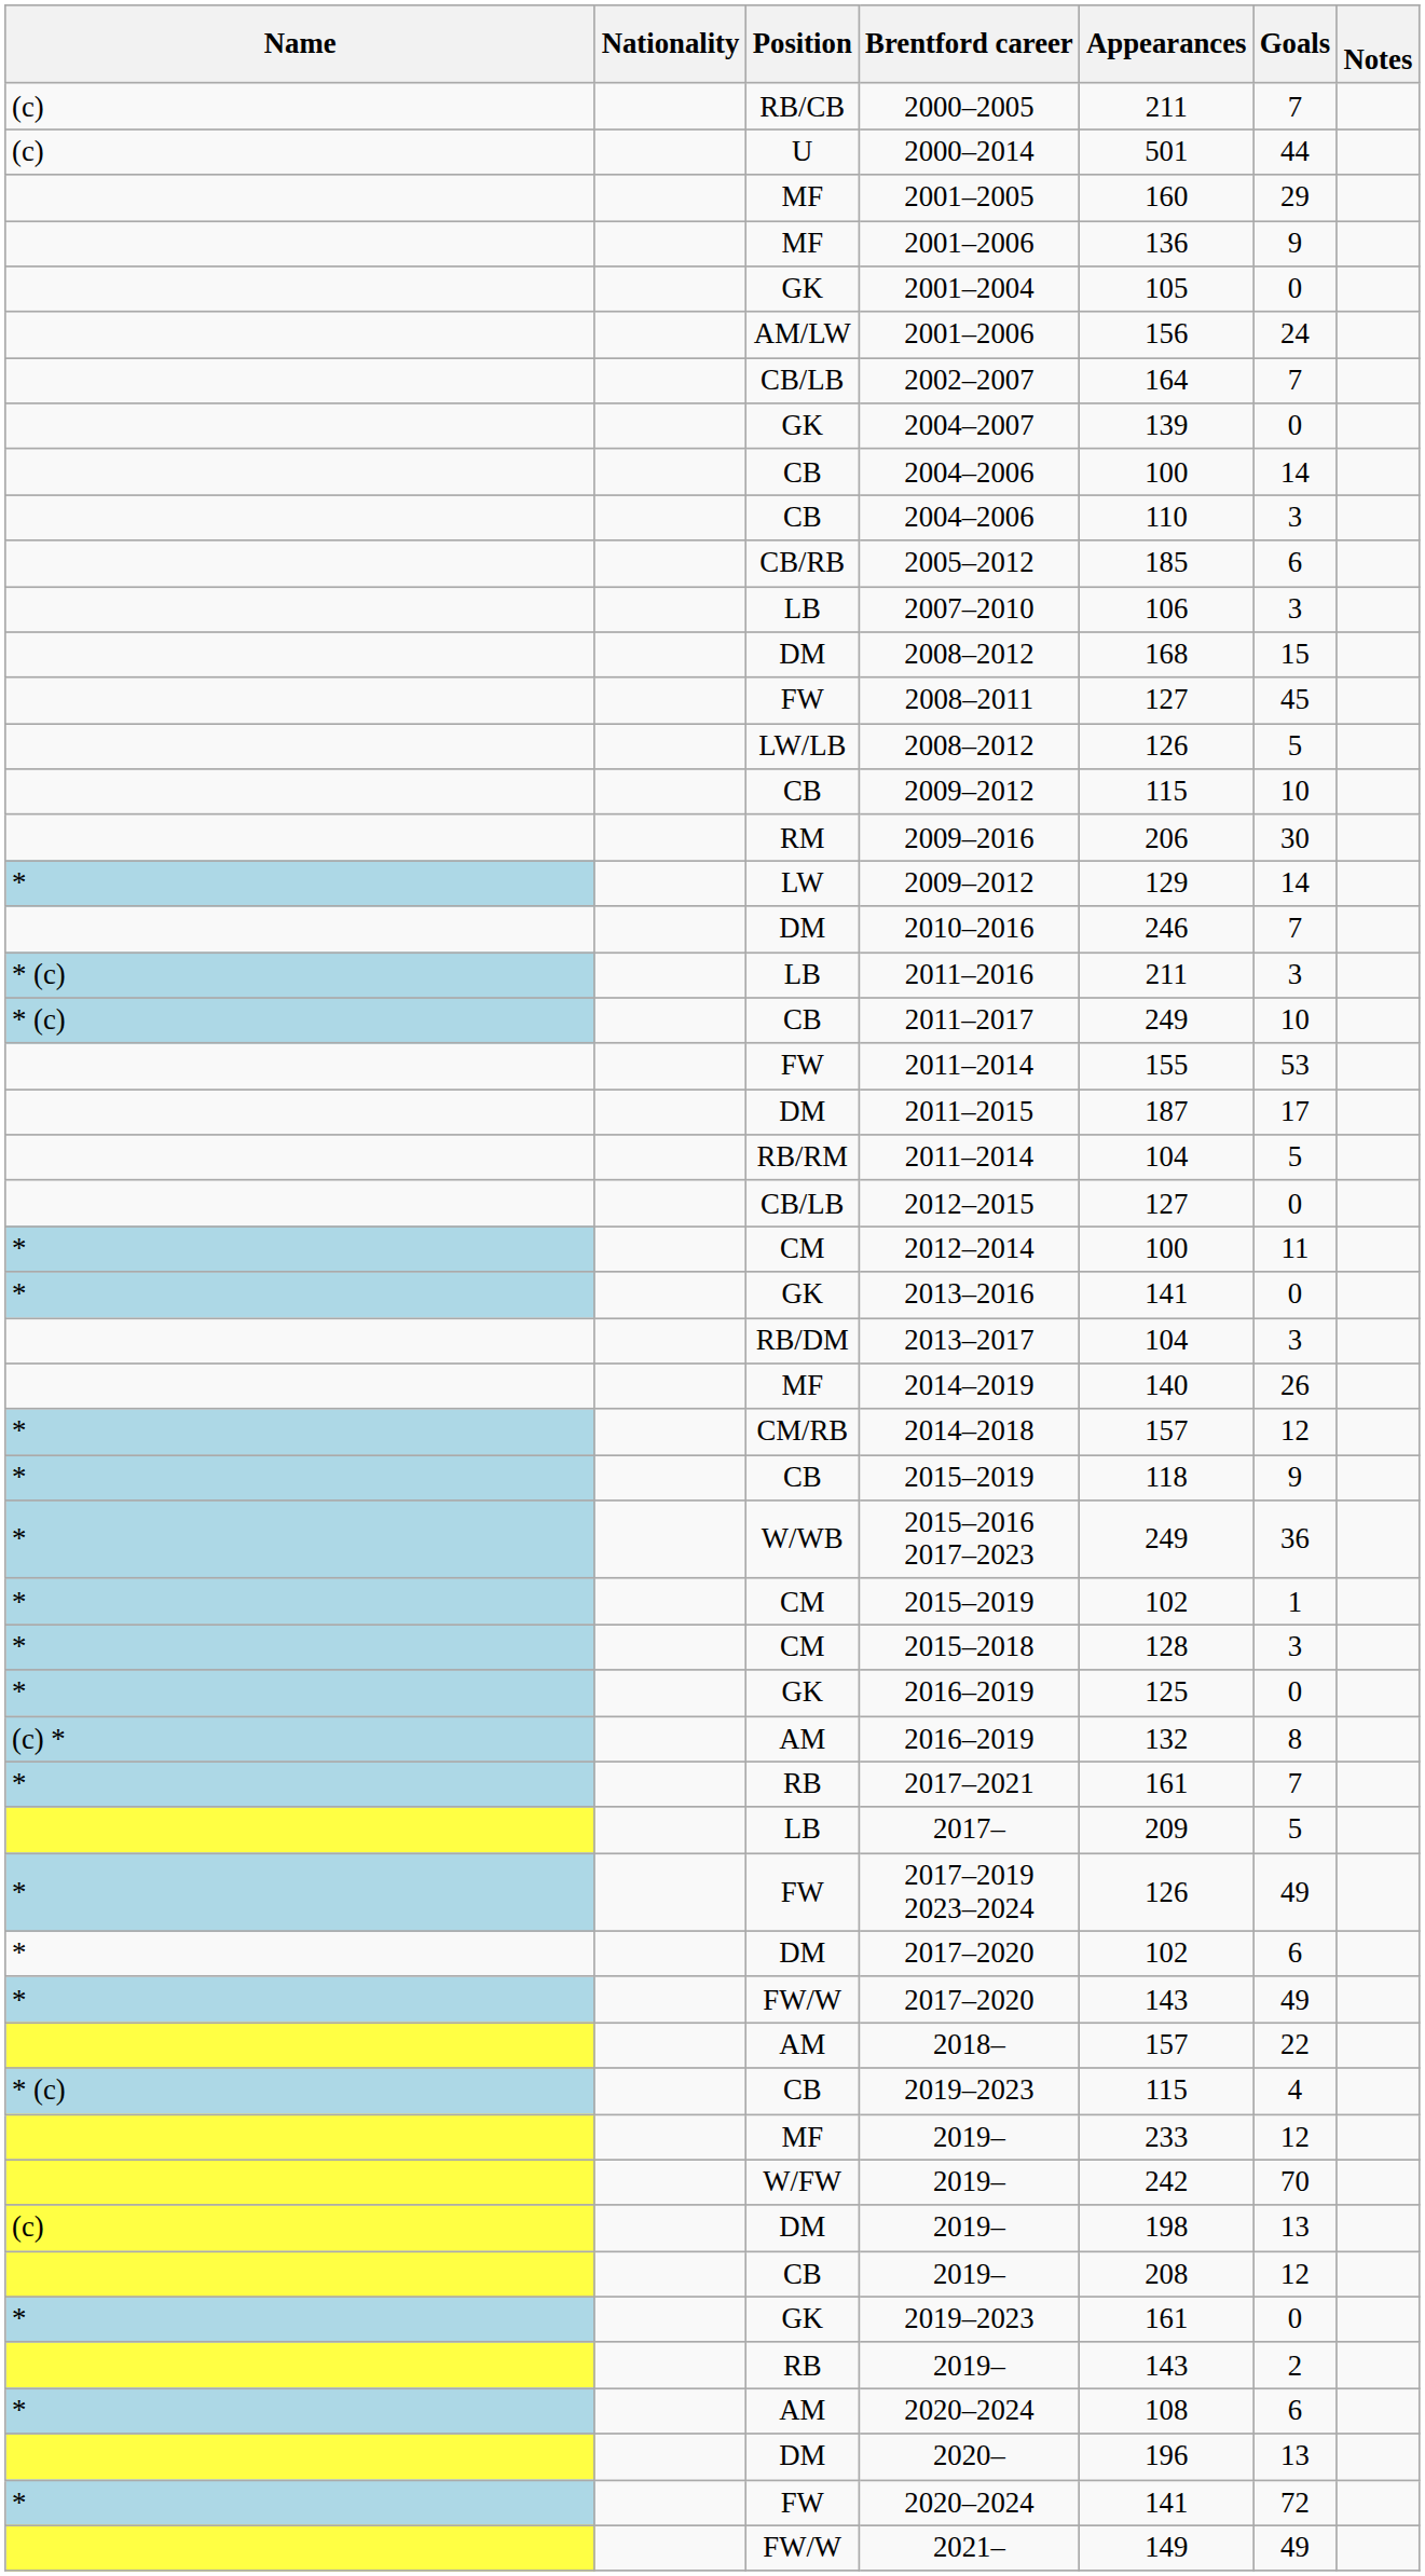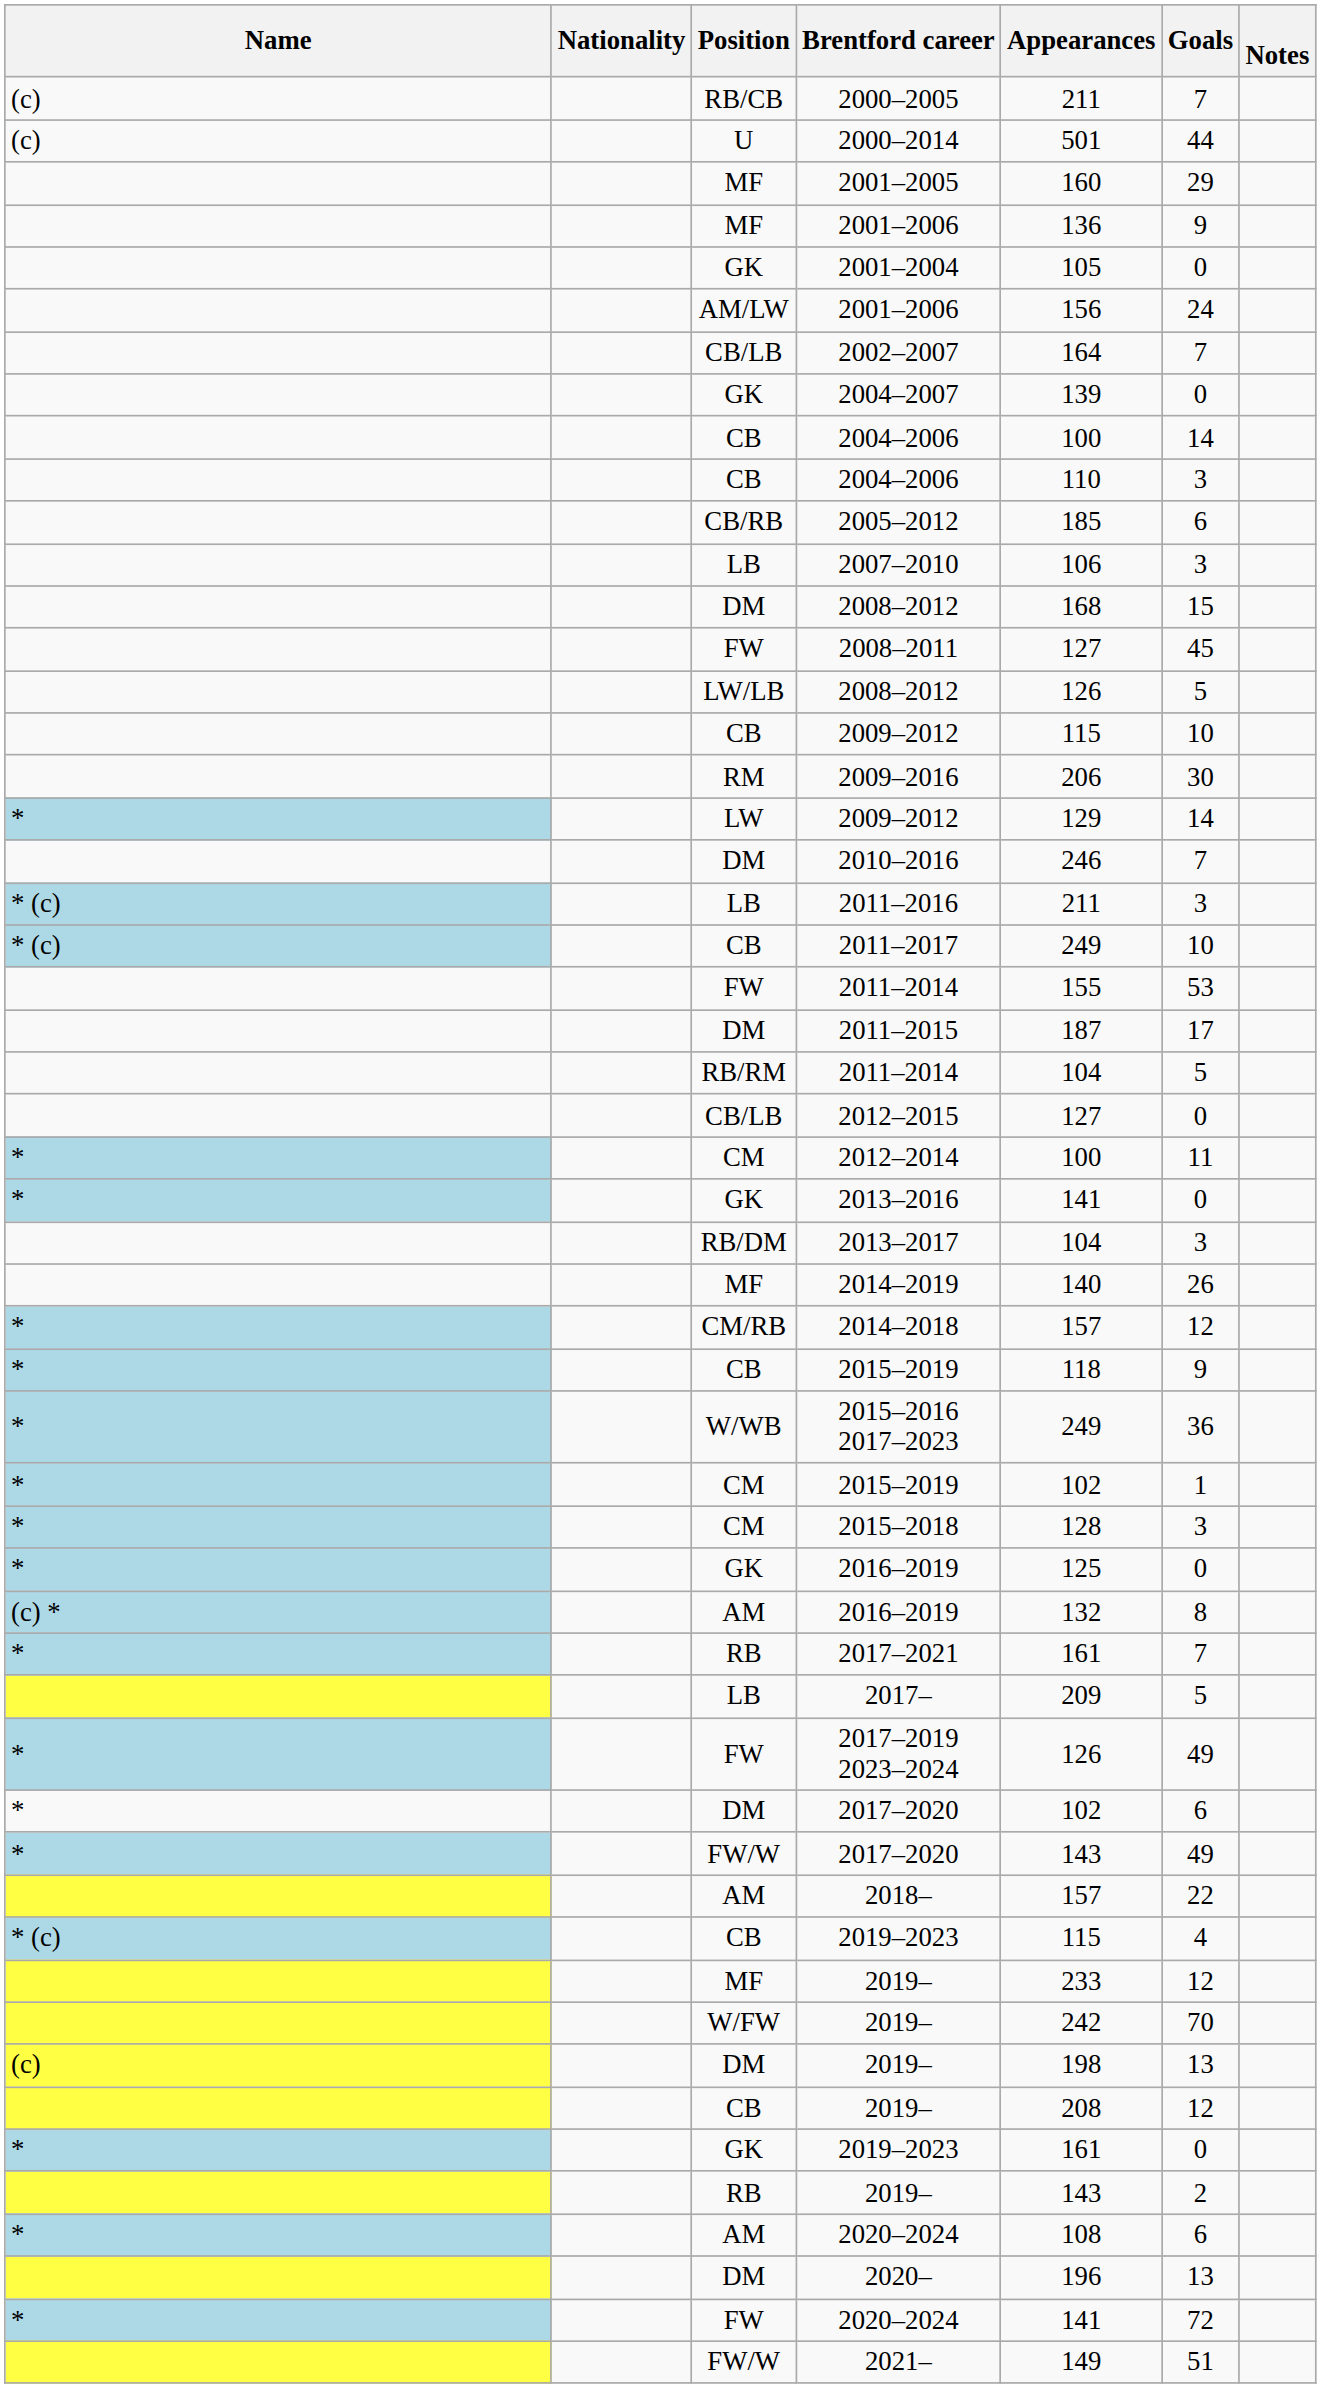 <table class="wikitable sortable" style="text-align: center;">
 <tr>
 <th style="width:20em">Name</th>
 <th>Nationality</th>
 <th>Position</th>
 <th>Brentford career</th>
 <th>Appearances</th>
 <th>Goals</th>
 <th><br>Notes</th>
 </tr>
 <tr>
 <td style="text-align:left;"> (c)</td>
 <td style="text-align:left;"></td>
 <td>RB/CB</td>
 <td>2000–2005</td>
 <td>211</td>
 <td>7</td>
 <td></td>
 </tr>
 <tr>
 <td style="text-align:left;"> (c)</td>
 <td style="text-align:left;"></td>
 <td>U</td>
 <td>2000–2014</td>
 <td>501</td>
 <td>44</td>
 <td><br></td>
 </tr>
 <tr>
 <td style="text-align:left;"></td>
 <td style="text-align:left;"></td>
 <td>MF</td>
 <td>2001–2005</td>
 <td>160</td>
 <td>29</td>
 <td></td>
 </tr>
 <tr>
 <td style="text-align:left;"></td>
 <td style="text-align:left;"></td>
 <td>MF</td>
 <td>2001–2006</td>
 <td>136</td>
 <td>9</td>
 <td></td>
 </tr>
 <tr>
 <td style="text-align:left;"></td>
 <td style="text-align:left;"></td>
 <td>GK</td>
 <td>2001–2004</td>
 <td>105</td>
 <td>0</td>
 <td></td>
 </tr>
 <tr>
 <td style="text-align:left;"></td>
 <td style="text-align:left;"></td>
 <td>AM/LW</td>
 <td>2001–2006</td>
 <td>156</td>
 <td>24</td>
 <td></td>
 </tr>
 <tr>
 <td style="text-align:left;"></td>
 <td style="text-align:left;"></td>
 <td>CB/LB</td>
 <td>2002–2007</td>
 <td>164</td>
 <td>7</td>
 <td></td>
 </tr>
 <tr>
 <td style="text-align:left;"></td>
 <td style="text-align:left;"></td>
 <td>GK</td>
 <td>2004–2007</td>
 <td>139</td>
 <td>0</td>
 <td></td>
 </tr>
 <tr>
 <td style="text-align:left;"><strong></strong></td>
 <td style="text-align:left;"></td>
 <td>CB</td>
 <td>2004–2006</td>
 <td>100</td>
 <td>14</td>
 <td></td>
 </tr>
 <tr>
 <td style="text-align:left;"></td>
 <td style="text-align:left;"></td>
 <td>CB</td>
 <td>2004–2006</td>
 <td>110</td>
 <td>3</td>
 <td></td>
 </tr>
 <tr>
 <td style="text-align:left;"></td>
 <td align="left"></td>
 <td>CB/RB</td>
 <td>2005–2012</td>
 <td>185</td>
 <td>6</td>
 <td></td>
 </tr>
 <tr>
 <td style="text-align:left;"></td>
 <td style="text-align:left;"></td>
 <td>LB</td>
 <td>2007–2010</td>
 <td>106</td>
 <td>3</td>
 <td></td>
 </tr>
 <tr>
 <td style="text-align:left;"><strong></strong></td>
 <td style="text-align:left;"></td>
 <td>DM</td>
 <td>2008–2012</td>
 <td>168</td>
 <td>15</td>
 <td></td>
 </tr>
 <tr>
 <td style="text-align:left;"></td>
 <td style="text-align:left;"></td>
 <td>FW</td>
 <td>2008–2011</td>
 <td>127</td>
 <td>45</td>
 <td></td>
 </tr>
 <tr>
 <td style="text-align:left;"></td>
 <td style="text-align:left;"></td>
 <td>LW/LB</td>
 <td>2008–2012</td>
 <td>126</td>
 <td>5</td>
 <td></td>
 </tr>
 <tr>
 <td style="text-align:left;"></td>
 <td style="text-align:left;"></td>
 <td>CB</td>
 <td>2009–2012</td>
 <td>115</td>
 <td>10</td>
 <td></td>
 </tr>
 <tr>
 <td style="text-align:left;"></td>
 <td style="text-align:left;"></td>
 <td>RM</td>
 <td>2009–2016</td>
 <td>206</td>
 <td>30</td>
 <td></td>
 </tr>
 <tr>
 <td style="text-align:left; background:lightblue;"> *</td>
 <td style="text-align:left;"></td>
 <td>LW</td>
 <td>2009–2012</td>
 <td>129</td>
 <td>14</td>
 <td></td>
 </tr>
 <tr>
 <td style="text-align:left;"></td>
 <td style="text-align:left;"></td>
 <td>DM</td>
 <td>2010–2016</td>
 <td>246</td>
 <td>7</td>
 <td></td>
 </tr>
 <tr>
 <td style="text-align:left; background:lightblue;"> * (c)</td>
 <td style="text-align:left;"></td>
 <td>LB</td>
 <td>2011–2016</td>
 <td>211</td>
 <td>3</td>
 <td></td>
 </tr>
 <tr>
 <td style="text-align:left; background:lightblue;"> * (c)</td>
 <td style="text-align:left;"></td>
 <td>CB</td>
 <td>2011–2017</td>
 <td>249</td>
 <td>10</td>
 <td></td>
 </tr>
 <tr>
 <td style="text-align:left"></td>
 <td style="text-align:left;"></td>
 <td>FW</td>
 <td>2011–2014</td>
 <td>155</td>
 <td>53</td>
 <td></td>
 </tr>
 <tr>
 <td style="text-align:left;"></td>
 <td style="text-align:left;"></td>
 <td>DM</td>
 <td>2011–2015</td>
 <td>187</td>
 <td>17</td>
 <td></td>
 </tr>
 <tr>
 <td style="text-align:left"></td>
 <td align="left"></td>
 <td>RB/RM</td>
 <td>2011–2014</td>
 <td>104</td>
 <td>5</td>
 <td></td>
 </tr>
 <tr>
 <td style="text-align:left"></td>
 <td style="text-align:left;"></td>
 <td>CB/LB</td>
 <td>2012–2015</td>
 <td>127</td>
 <td>0</td>
 <td></td>
 </tr>
 <tr>
 <td style="text-align:left; background:lightblue;"> *</td>
 <td align="left"></td>
 <td>CM</td>
 <td>2012–2014</td>
 <td>100</td>
 <td>11</td>
 <td></td>
 </tr>
 <tr>
 <td style="text-align:left; background:lightblue;"> *</td>
 <td align="left"></td>
 <td>GK</td>
 <td>2013–2016</td>
 <td>141</td>
 <td>0</td>
 <td></td>
 </tr>
 <tr>
 <td style="text-align:left"></td>
 <td style="text-align:left;"></td>
 <td>RB/DM</td>
 <td>2013–2017</td>
 <td>104</td>
 <td>3</td>
 <td></td>
 </tr>
 <tr>
 <td style="text-align:left;"><strong></strong></td>
 <td align="left"></td>
 <td>MF</td>
 <td>2014–2019</td>
 <td>140</td>
 <td>26</td>
 <td></td>
 </tr>
 <tr>
 <td style="text-align:left; background:lightblue;"> *</td>
 <td style="text-align:left;"></td>
 <td>CM/RB</td>
 <td>2014–2018</td>
 <td>157</td>
 <td>12</td>
 <td></td>
 </tr>
 <tr>
 <td style="text-align:left; background:lightblue;"> *</td>
 <td style="text-align:left;"></td>
 <td>CB</td>
 <td>2015–2019</td>
 <td>118</td>
 <td>9</td>
 <td></td>
 </tr>
 <tr>
 <td style="text-align:left; background:lightblue;"> *</td>
 <td style="text-align:left;"></td>
 <td>W/WB</td>
 <td>2015–2016<br>2017–2023</td>
 <td>249</td>
 <td>36</td>
 <td></td>
 </tr>
 <tr>
 <td style="text-align:left; background:lightblue;"> *</td>
 <td style="text-align:left;"></td>
 <td>CM</td>
 <td>2015–2019</td>
 <td>102</td>
 <td>1</td>
 <td></td>
 </tr>
 <tr>
 <td style="text-align:left; background:lightblue;"> *</td>
 <td style="text-align:left;"></td>
 <td>CM</td>
 <td>2015–2018</td>
 <td>128</td>
 <td>3</td>
 <td></td>
 </tr>
 <tr>
 <td style="text-align:left; background:lightblue;"> *</td>
 <td style="text-align:left;"></td>
 <td>GK</td>
 <td>2016–2019</td>
 <td>125</td>
 <td>0</td>
 <td></td>
 </tr>
 <tr>
 <td style="text-align:left; background:lightblue;"><strong></strong> (c) *</td>
 <td style="text-align:left;"></td>
 <td>AM</td>
 <td>2016–2019</td>
 <td>132</td>
 <td>8</td>
 <td></td>
 </tr>
 <tr>
 <td style="text-align:left; background:lightblue;"><strong></strong> *</td>
 <td style="text-align:left;"></td>
 <td>RB</td>
 <td>2017–2021</td>
 <td>161</td>
 <td>7</td>
 <td></td>
 </tr>
 <tr>
 <td style="text-align:left; background:#ff4;"> </td>
 <td style="text-align:left;"></td>
 <td>LB</td>
 <td>2017–</td>
 <td>209</td>
 <td>5</td>
 <td></td>
 </tr>
 <tr>
 <td style="text-align:left; background:lightblue;"> *</td>
 <td style="text-align:left;"></td>
 <td>FW</td>
 <td>2017–2019<br>2023–2024</td>
 <td>126</td>
 <td>49</td>
 <td></td>
 </tr>
 <tr>
 <td style="text-align:left;"><strong></strong> *</td>
 <td style="text-align:left;"></td>
 <td>DM</td>
 <td>2017–2020</td>
 <td>102</td>
 <td>6</td>
 <td></td>
 </tr>
 <tr>
 <td style="text-align:left; background:lightblue;"> *</td>
 <td style="text-align:left;"></td>
 <td>FW/W</td>
 <td>2017–2020</td>
 <td>143</td>
 <td>49</td>
 <td></td>
 </tr>
 <tr>
 <td style="text-align:left; background:#ff4;"> </td>
 <td style="text-align:left;"></td>
 <td>AM</td>
 <td>2018–</td>
 <td>157</td>
 <td>22</td>
 <td></td>
 </tr>
 <tr>
 <td style="text-align:left; background:lightblue;"><strong></strong> * (c)</td>
 <td style="text-align:left;"></td>
 <td>CB</td>
 <td>2019–2023</td>
 <td>115</td>
 <td>4</td>
 <td></td>
 </tr>
 <tr>
 <td style="text-align:left; background:#ff4;"><strong></strong> </td>
 <td style="text-align:left;"></td>
 <td>MF</td>
 <td>2019–</td>
 <td>233</td>
 <td>12</td>
 <td></td>
 </tr>
 <tr>
 <td style="text-align:left; background:#ff4;"><strong></strong> </td>
 <td style="text-align:left;"></td>
 <td>W/FW</td>
 <td>2019–</td>
 <td>242</td>
 <td>70</td>
 <td></td>
 </tr>
 <tr>
 <td style="text-align:left; background:#ff4;"><strong></strong>  (c)</td>
 <td style="text-align:left;"></td>
 <td>DM</td>
 <td>2019–</td>
 <td>198</td>
 <td>13</td>
 <td></td>
 </tr>
 <tr>
 <td style="text-align:left; background:#ff4;"><strong></strong> </td>
 <td style="text-align:left;"></td>
 <td>CB</td>
 <td>2019–</td>
 <td>208</td>
 <td>12</td>
 <td></td>
 </tr>
 <tr>
 <td style="text-align:left; background:lightblue;"><strong></strong> *</td>
 <td style="text-align:left;"></td>
 <td>GK</td>
 <td>2019–2023</td>
 <td>161</td>
 <td>0</td>
 <td></td>
 </tr>
 <tr>
 <td style="text-align:left; background:#ff4;"><strong></strong> </td>
 <td style="text-align:left;"></td>
 <td>RB</td>
 <td>2019–</td>
 <td>143</td>
 <td>2</td>
 <td></td>
 </tr>
 <tr>
 <td style="text-align:left; background:lightblue;"><strong></strong> *</td>
 <td style="text-align:left;"></td>
 <td>AM</td>
 <td>2020–2024</td>
 <td>108</td>
 <td>6</td>
 <td><br></td>
 </tr>
 <tr>
 <td style="text-align:left; background:#ff4;"> </td>
 <td style="text-align:left;"></td>
 <td>DM</td>
 <td>2020–</td>
 <td>196</td>
 <td>13</td>
 <td></td>
 </tr>
 <tr>
 <td style="text-align:left; background:lightblue;"><strong></strong> *</td>
 <td style="text-align:left;"></td>
 <td>FW</td>
 <td>2020–2024</td>
 <td>141</td>
 <td>72</td>
 <td></td>
 </tr>
 <tr>
 <td style="text-align:left; background:#ff4;"><strong></strong> </td>
 <td style="text-align:left;"></td>
 <td>FW/W</td>
 <td>2021–</td>
 <td>149</td>
-<td>49</td>
+<td>51</td>
 <td></td>
 </tr>
 </table>
